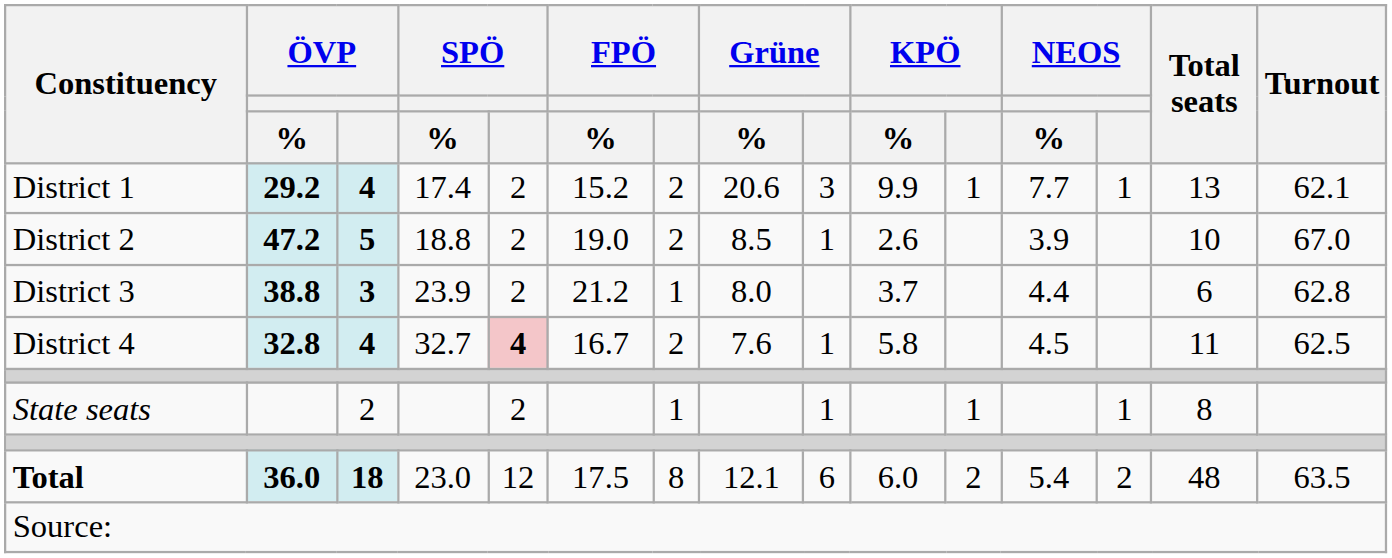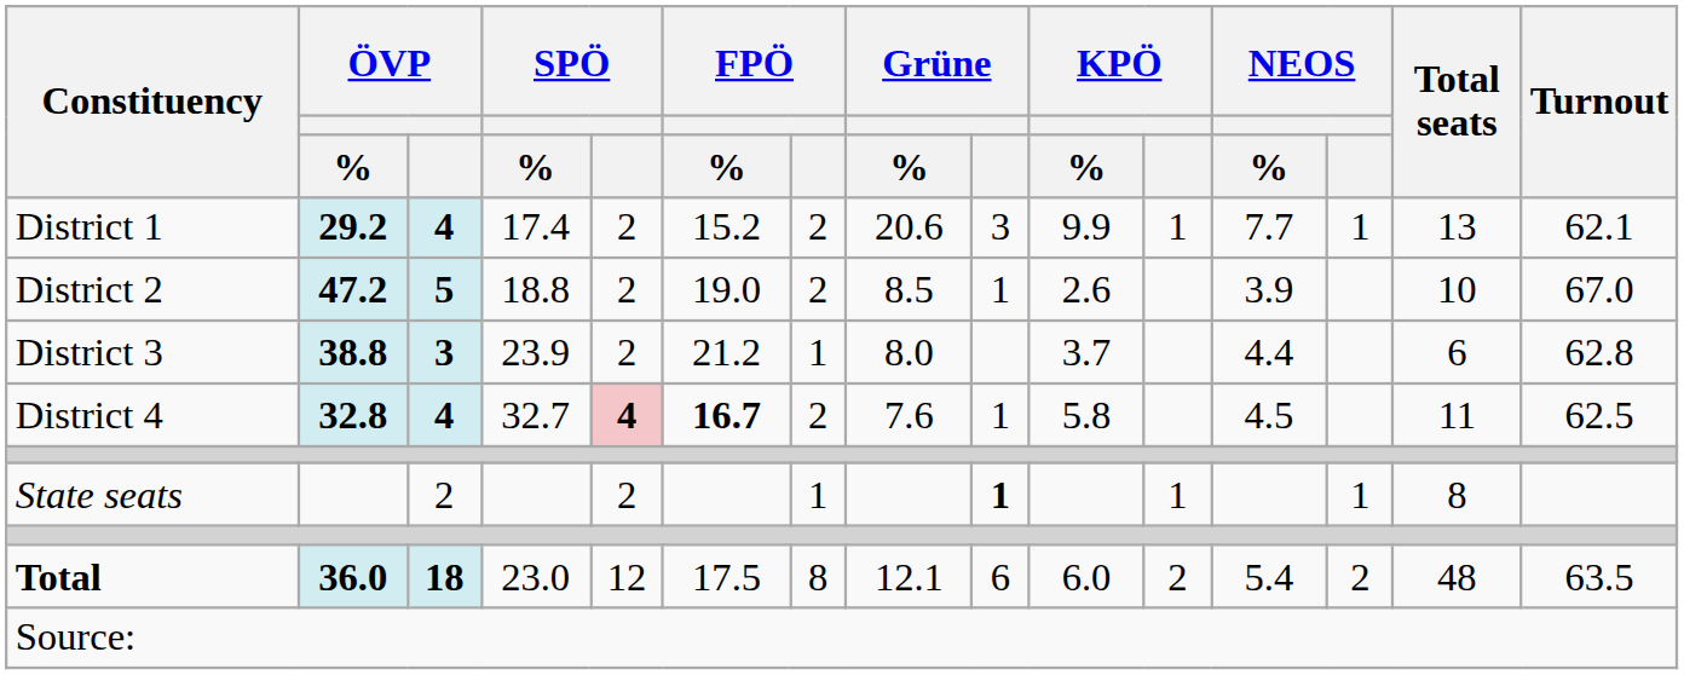 <table class="wikitable" style="text-align:center;font-size:90%;line-height:16px">
 <tr style="height:40px;">
 <th style="width:100px;" rowspan="3">Constituency</th>
 <th style="width:60px;" colspan="2"><a href='#'>ÖVP</a></th>
 <th style="width:60px;" colspan="2"><a href='#'>SPÖ</a></th>
 <th style="width:60px;" colspan="2"><a href='#'>FPÖ</a></th>
 <th style="width:60px;" colspan="2"><a href='#'>Grüne</a></th>
 <th style="width:60px;" colspan="2"><a href='#'>KPÖ</a></th>
 <th style="width:60px;" colspan="2"><a href='#'>NEOS</a></th>
 <th class="unsortable" style="width:40px;" rowspan="3">Total<br>seats</th>
 <th class="unsortable" style="width:40px;" rowspan="3">Turnout</th>
 </tr>
 <tr>
 <th colspan="2" style="background:"></th>
 <th colspan="2" style="background:"></th>
 <th colspan="2" style="background:"></th>
 <th colspan="2" style="background:"></th>
 <th colspan="2" style="background:"></th>
 <th colspan="2" style="background:"></th>
 </tr>
 <tr>
 <th class=unsortable>%</th>
 <th class=unsortable></th>
 <th class=unsortable>%</th>
 <th class=unsortable></th>
 <th class=unsortable>%</th>
 <th class=unsortable></th>
 <th class=unsortable>%</th>
 <th class=unsortable></th>
 <th class=unsortable>%</th>
 <th class=unsortable></th>
 <th class=unsortable>%</th>
 <th class=unsortable></th>
 </tr>
 <tr>
 <td align=left>District 1</td>
 <td bgcolor=#D2EDF1><strong>29.2</strong></td>
 <td bgcolor=#D2EDF1><strong>4</strong></td>
 <td>17.4</td>
 <td>2</td>
 <td>15.2</td>
 <td>2</td>
 <td>20.6</td>
 <td>3</td>
 <td>9.9</td>
 <td>1</td>
 <td>7.7</td>
 <td>1</td>
 <td>13</td>
 <td>62.1</td>
 </tr>
 <tr>
 <td align=left>District 2</td>
 <td bgcolor=#D2EDF1><strong>47.2</strong></td>
 <td bgcolor=#D2EDF1><strong>5</strong></td>
 <td>18.8</td>
 <td>2</td>
 <td>19.0</td>
 <td>2</td>
 <td>8.5</td>
 <td>1</td>
 <td>2.6</td>
 <td></td>
 <td>3.9</td>
 <td></td>
 <td>10</td>
 <td>67.0</td>
 </tr>
 <tr>
 <td align=left>District 3</td>
 <td bgcolor=#D2EDF1><strong>38.8</strong></td>
 <td bgcolor=#D2EDF1><strong>3</strong></td>
 <td>23.9</td>
 <td>2</td>
 <td>21.2</td>
 <td>1</td>
 <td>8.0</td>
 <td></td>
 <td>3.7</td>
 <td></td>
 <td>4.4</td>
 <td></td>
 <td>6</td>
 <td>62.8</td>
 </tr>
 <tr>
 <td align=left>District 4</td>
 <td bgcolor=#D2EDF1><strong>32.8</strong></td>
 <td bgcolor=#D2EDF1><strong>4</strong></td>
 <td>32.7</td>
 <td bgcolor=#F4C6C9><strong>4</strong></td>
-<td>16.7</td>
+<td><strong>16.7</strong></td>
 <td>2</td>
 <td>7.6</td>
 <td>1</td>
 <td>5.8</td>
 <td></td>
 <td>4.5</td>
 <td></td>
 <td>11</td>
 <td>62.5</td>
 </tr>
 <tr>
 <td colspan=15 bgcolor=lightgrey></td>
 </tr>
 <tr>
 <td align=left><em>State seats</em></td>
 <td></td>
 <td>2</td>
 <td></td>
 <td>2</td>
 <td></td>
 <td>1</td>
 <td></td>
-<td>1</td>
+<td><strong>1</strong></td>
 <td></td>
 <td>1</td>
 <td></td>
 <td>1</td>
 <td>8</td>
 <td></td>
 </tr>
 <tr>
 <td colspan=15 bgcolor=lightgrey></td>
 </tr>
 <tr>
 <td align=left><strong>Total</strong></td>
 <td bgcolor=#D2EDF1><strong>36.0</strong></td>
 <td bgcolor=#D2EDF1><strong>18</strong></td>
 <td>23.0</td>
 <td>12</td>
 <td>17.5</td>
 <td>8</td>
 <td>12.1</td>
 <td>6</td>
 <td>6.0</td>
 <td>2</td>
 <td>5.4</td>
 <td>2</td>
 <td>48</td>
 <td>63.5</td>
 </tr>
 <tr class=sortbottom>
 <td colspan=15 align=left>Source: </td>
 </tr>
 </table>
